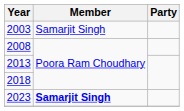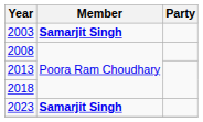 <table class="wikitable sortable">
 <tr>
 <th>Year</th>
 <th>Member</th>
 <th colspan=2>Party</th>
 </tr>
 <tr>
 <td><a href='#'>2003</a></td>
-<td><a href='#'>Samarjit Singh</a></td>
+<td><strong><a href='#'>Samarjit Singh</a></strong></td>
 <td></td>
 </tr>
 <tr>
 <td><a href='#'>2008</a></td>
 <td rowspan=3><a href='#'>Poora Ram Choudhary</a></td>
 <td></td>
 </tr>
 <tr>
 <td><a href='#'>2013</a></td>
 </tr>
 <tr>
 <td><a href='#'>2018</a></td>
 </tr>
 <tr>
 <td><a href='#'>2023</a></td>
 <td><strong><a href='#'>Samarjit Singh</a></strong></td>
 <td></td>
 </tr>
 <tr>
 </tr>
 </table>
